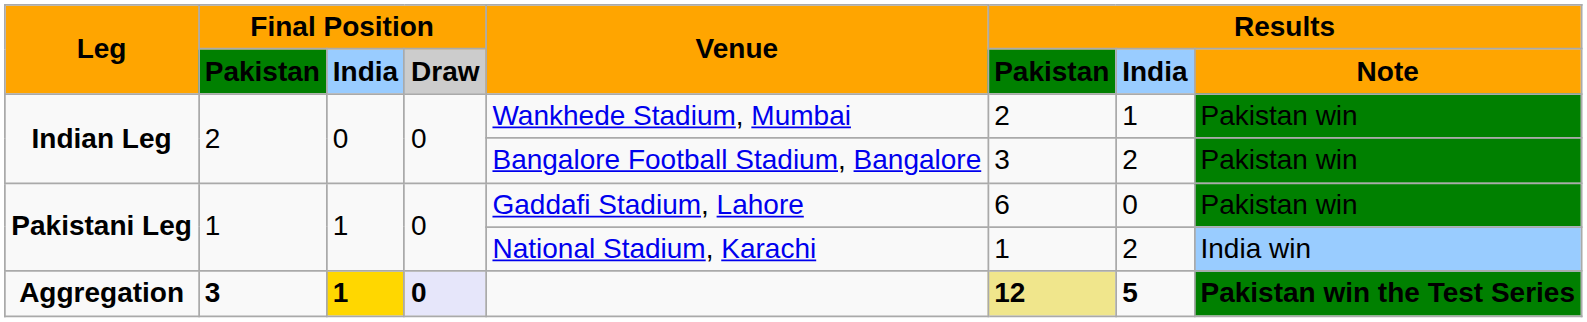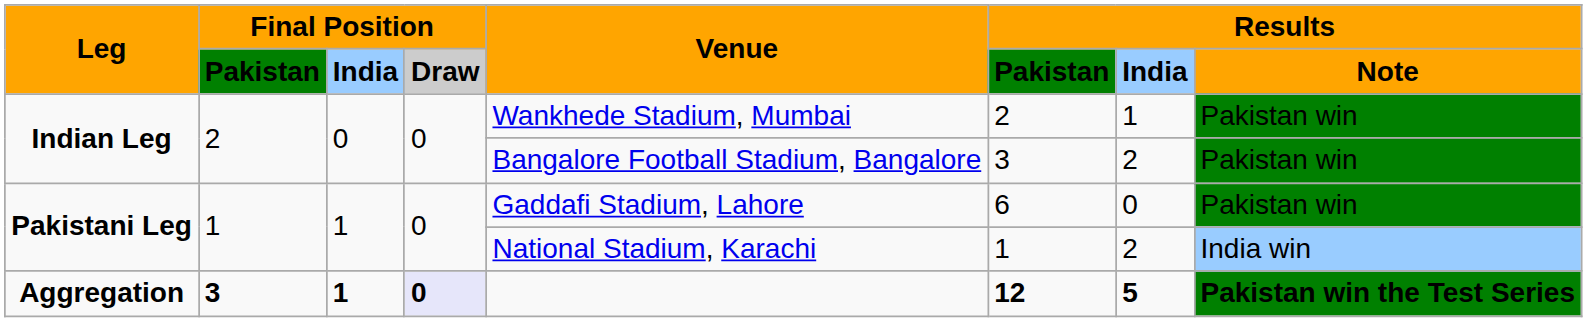 <table class="wikitable">
 <tr>
 <th style="background:orange;" rowspan=2>Leg</th>
 <th style="background:orange;" colspan=3>Final Position</th>
 <th style="background:orange;" rowspan=2>Venue</th>
 <th style="background:orange;" colspan=3>Results</th>
 </tr>
 <tr>
 <th style="background:green;"> Pakistan</th>
 <th style="background:#9cf;"> India</th>
 <th style="background:#ccc;">Draw</th>
 <th style="background:green;"> Pakistan</th>
 <th style="background:#9cf;"> India</th>
 <th style="background:orange;">Note</th>
 </tr>
 <tr>
 <td style=text-align:center; rowspan=2><strong>Indian Leg</strong></td>
 <td rowspan=2>2</td>
 <td rowspan=2>0</td>
 <td rowspan=2>0</td>
 <td> <a href='#'>Wankhede Stadium</a>, <a href='#'>Mumbai</a></td>
 <td>2</td>
 <td>1</td>
 <td style="background:green;"> Pakistan win</td>
 </tr>
 <tr>
 <td> <a href='#'>Bangalore Football Stadium</a>, <a href='#'>Bangalore</a></td>
 <td>3</td>
 <td>2</td>
 <td style="background:green;"> Pakistan win</td>
 </tr>
 <tr>
 <td style=text-align:center; rowspan=2><strong>Pakistani Leg</strong></td>
 <td rowspan=2>1</td>
 <td rowspan=2>1</td>
 <td rowspan=2>0</td>
 <td> <a href='#'>Gaddafi Stadium</a>, <a href='#'>Lahore</a></td>
 <td>6</td>
 <td>0</td>
 <td style="background:green;"> Pakistan win</td>
 </tr>
 <tr>
 <td> <a href='#'>National Stadium</a>, <a href='#'>Karachi</a></td>
 <td>1</td>
 <td>2</td>
 <td style="background:#9cf;"> India win</td>
 </tr>
 <tr>
 <td style=text-align:center;><strong>Aggregation</strong></td>
 <td><strong>3</strong></td>
-<td style="background: gold;"><strong>1</strong></td>
+<td><strong>1</strong></td>
 <td style="background: lavender;"><strong>0</strong></td>
 <td></td>
-<td style="background: khaki;"><strong>12</strong></td>
+<td><strong>12</strong></td>
 <td><strong>5</strong></td>
 <td style="background:green;"> <strong>Pakistan win the Test Series</strong></td>
 </tr>
 </table>
